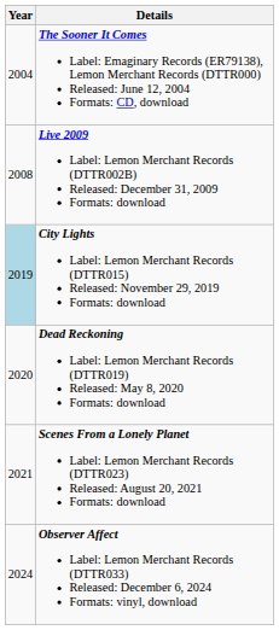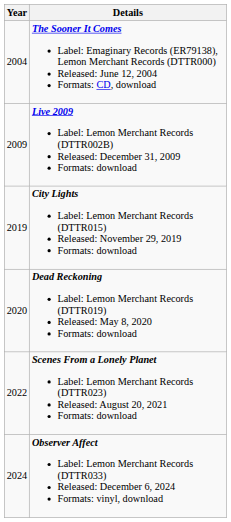 <table class="wikitable sortable">
 <tr>
 <th width="15">Year</th>
 <th width="300">Details</th>
 </tr>
 <tr>
 <td>2004</td>
 <td><strong><em><a href='#'>The Sooner It Comes</a></em></strong><br><ul><li>Label: Emaginary Records (ER79138), Lemon Merchant Records (DTTR000)</li><li>Released: June 12, 2004</li><li>Formats: <a href='#'>CD</a>, download</li></ul></td>
 </tr>
 <tr>
-<td>2008</td>
+<td>2009</td>
 <td><strong><em><a href='#'>Live 2009</a></em></strong><br><ul><li>Label: Lemon Merchant Records (DTTR002B)</li><li>Released: December 31, 2009</li><li>Formats: download</li></ul></td>
 </tr>
 <tr>
-<td style="background: lightblue;">2019</td>
+<td>2019</td>
 <td><strong><em>City Lights</em></strong><br><ul><li>Label: Lemon Merchant Records (DTTR015)</li><li>Released: November 29, 2019</li><li>Formats: download</li></ul></td>
 </tr>
 <tr>
 <td>2020</td>
 <td><strong><em>Dead Reckoning</em></strong><br><ul><li>Label: Lemon Merchant Records (DTTR019)</li><li>Released: May 8, 2020</li><li>Formats: download</li></ul></td>
 </tr>
 <tr>
-<td>2021</td>
+<td>2022</td>
 <td><strong><em>Scenes From a Lonely Planet</em></strong><br><ul><li>Label: Lemon Merchant Records (DTTR023)</li><li>Released: August 20, 2021</li><li>Formats: download</li></ul></td>
 </tr>
 <tr>
 <td>2024</td>
 <td><strong><em>Observer Affect</em></strong><br><ul><li>Label: Lemon Merchant Records (DTTR033)</li><li>Released: December 6, 2024</li><li>Formats: vinyl, download</li></ul></td>
 </tr>
 </table>
